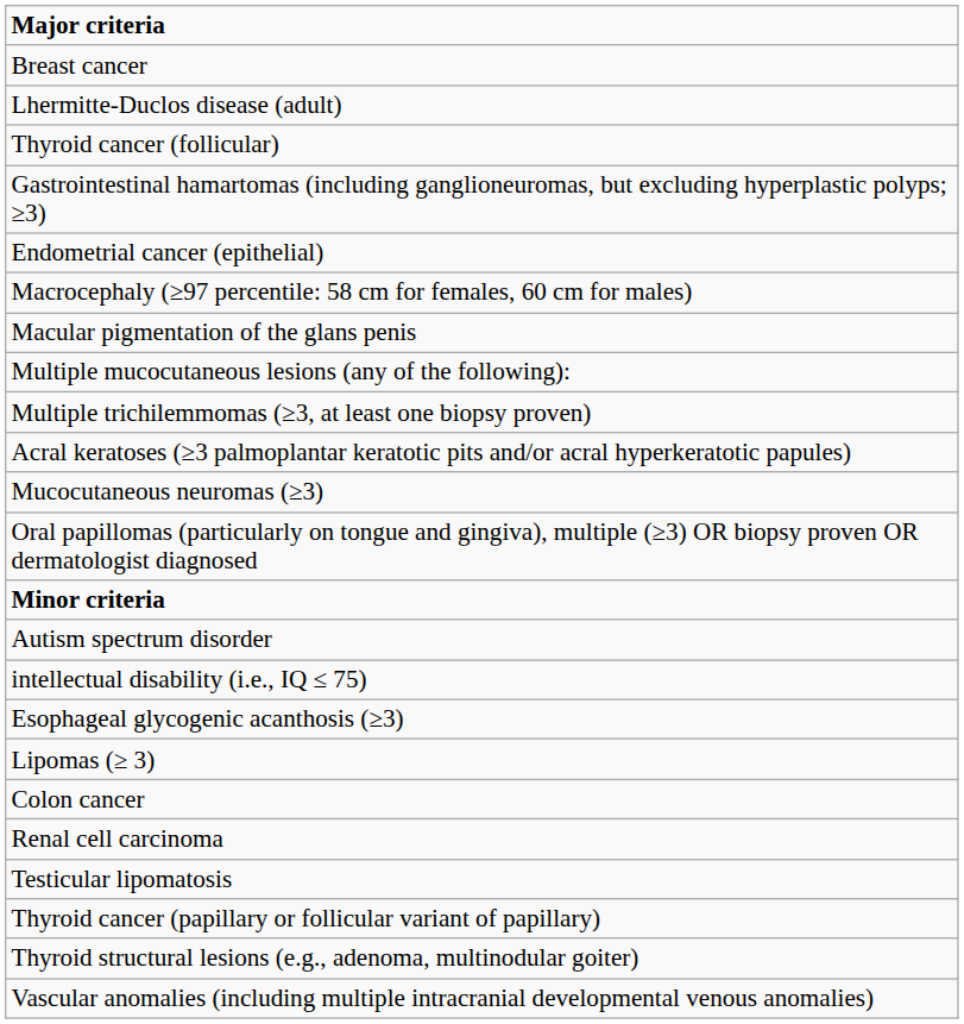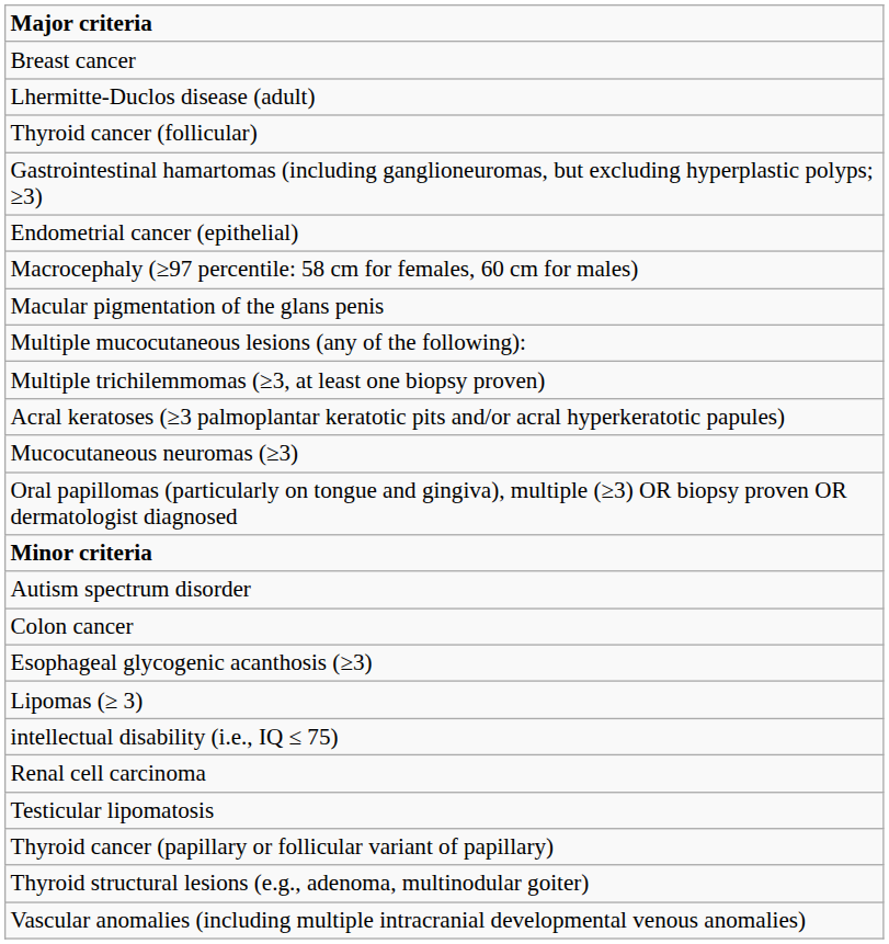 <table class="wikitable">
 <tr>
 <td><strong>Major criteria</strong></td>
 </tr>
 <tr>
 <td>Breast cancer</td>
 </tr>
 <tr>
 <td>Lhermitte-Duclos disease (adult)</td>
 </tr>
 <tr>
 <td>Thyroid cancer (follicular)</td>
 </tr>
 <tr>
 <td>Gastrointestinal hamartomas (including ganglioneuromas, but excluding hyperplastic polyps; ≥3)</td>
 </tr>
 <tr>
 <td>Endometrial cancer (epithelial)</td>
 </tr>
 <tr>
 <td>Macrocephaly (≥97 percentile: 58 cm for females, 60 cm for males)</td>
 </tr>
 <tr>
 <td>Macular pigmentation of the glans penis</td>
 </tr>
 <tr>
 <td>Multiple mucocutaneous lesions (any of the following):</td>
 </tr>
 <tr>
 <td>Multiple trichilemmomas (≥3, at least one biopsy proven)</td>
 </tr>
 <tr>
 <td>Acral keratoses (≥3 palmoplantar keratotic pits and/or acral hyperkeratotic papules)</td>
 </tr>
 <tr>
 <td>Mucocutaneous neuromas (≥3)</td>
 </tr>
 <tr>
 <td>Oral papillomas (particularly on tongue and gingiva), multiple (≥3) OR biopsy proven OR dermatologist diagnosed</td>
 </tr>
 <tr>
 <td><strong>Minor criteria</strong></td>
 </tr>
 <tr>
 <td>Autism spectrum disorder</td>
 </tr>
 <tr>
-<td>intellectual disability (i.e., IQ ≤ 75)</td>
+<td>Colon cancer</td>
 </tr>
 <tr>
 <td>Esophageal glycogenic acanthosis (≥3)</td>
 </tr>
 <tr>
 <td>Lipomas (≥ 3)</td>
 </tr>
 <tr>
-<td>Colon cancer</td>
+<td>intellectual disability (i.e., IQ ≤ 75)</td>
 </tr>
 <tr>
 <td>Renal cell carcinoma</td>
 </tr>
 <tr>
 <td>Testicular lipomatosis</td>
 </tr>
 <tr>
 <td>Thyroid cancer (papillary or follicular variant of papillary)</td>
 </tr>
 <tr>
 <td>Thyroid structural lesions (e.g., adenoma, multinodular goiter)</td>
 </tr>
 <tr>
 <td>Vascular anomalies (including multiple intracranial developmental venous anomalies)</td>
 </tr>
 </table>
